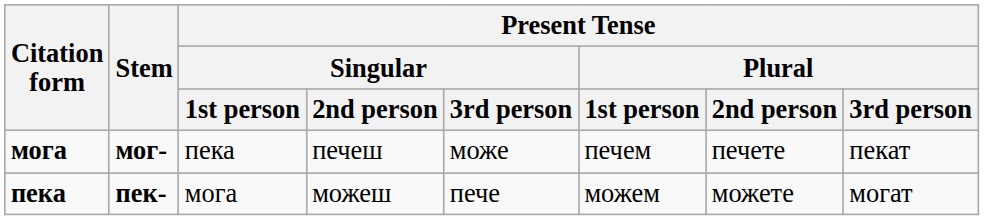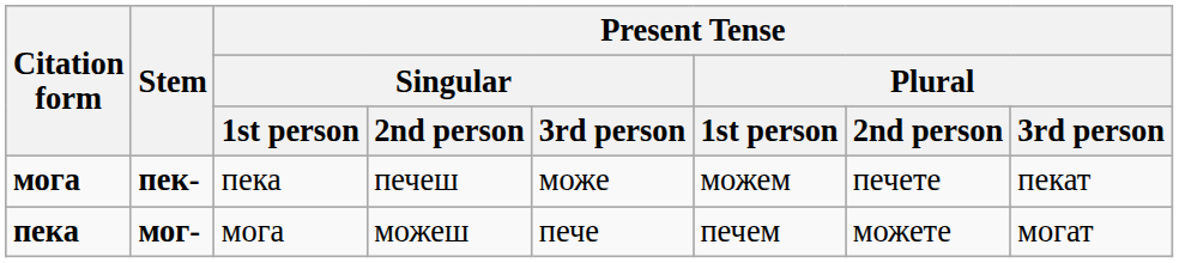 <table class="wikitable">
 <tr>
 <th rowspan="3">Citation<br>form</th>
 <th rowspan="3">Stem</th>
 <th colspan="6">Present Tense</th>
 </tr>
 <tr>
 <th colspan="3">Singular</th>
 <th colspan="3">Plural</th>
 </tr>
 <tr>
 <th><strong>1st person</strong></th>
 <th><strong>2nd person</strong></th>
 <th><strong>3rd person</strong></th>
 <th><strong>1st person</strong></th>
 <th><strong>2nd person</strong></th>
 <th><strong>3rd person</strong></th>
 </tr>
 <tr>
 <td><strong>мога</strong> <br></td>
-<td><strong>мо<span>г</span>-</strong> <br></td>
+<td><strong>пе<span>к</span>-</strong> <br></td>
 <td>пе<span>к</span><span>а</span> <br></td>
 <td>пе<span>ч</span><span>е</span><span>ш</span> <br></td>
 <td>мо<span>ж</span><span>е</span> <br></td>
-<td>пе<span>ч</span><span>е</span><span>м</span> <br></td>
+<td>мо<span>ж</span><span>е</span><span>м</span> <br></td>
 <td>пе<span>ч</span><span>е</span><span>те</span> <br></td>
 <td>пе<span>к</span><span>ат</span> <br></td>
 </tr>
 <tr>
 <td><strong>пека</strong> <br></td>
-<td><strong>пе<span>к</span>-</strong> <br></td>
+<td><strong>мо<span>г</span>-</strong> <br></td>
 <td>мо<span>г</span><span>а</span> <br></td>
 <td>мо<span>ж</span><span>е</span><span>ш</span> <br></td>
 <td>пе<span>ч</span><span>е</span> <br></td>
-<td>мо<span>ж</span><span>е</span><span>м</span> <br></td>
+<td>пе<span>ч</span><span>е</span><span>м</span> <br></td>
 <td>мо<span>ж</span><span>е</span><span>те</span> <br></td>
 <td>мо<span>г</span><span>ат</span> <br></td>
 </tr>
 </table>
